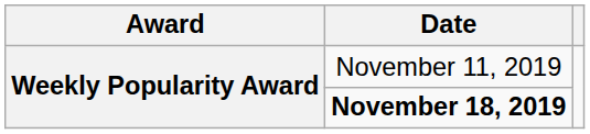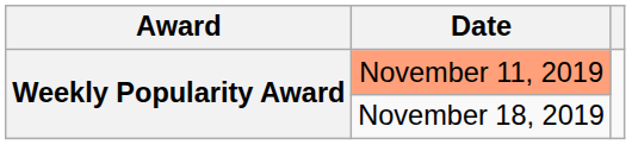 <table class="wikitable plainrowheaders" style="text-align:center">
 <tr>
 <th scope="col">Award</th>
 <th scope="col">Date</th>
 <th scope="col"></th>
 </tr>
 <tr>
 <th scope="row" rowspan="2">Weekly Popularity Award</th>
-<td align="center">November 11, 2019</td>
+<td align="center" style="background: lightsalmon;">November 11, 2019</td>
 <td rowspan="2"></td>
 </tr>
 <tr>
-<td align="center"><strong>November 18, 2019</strong></td>
+<td align="center">November 18, 2019</td>
 </tr>
 </table>
